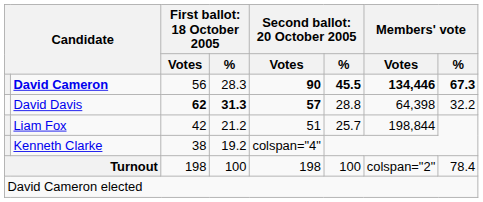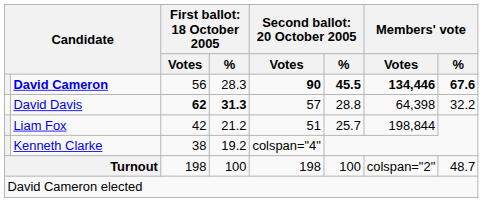 <table class="wikitable" style="font-size:95%; text-align:right"            |>
 <tr>
 <th colspan="2" rowspan=2>Candidate</th>
 <th colspan="2">First ballot:<br>18 October 2005</th>
 <th colspan="2">Second ballot:<br>20 October 2005</th>
 <th colspan="2">Members' vote</th>
 </tr>
 <tr>
 <th style="width: 50px">Votes</th>
 <th style="width: 40px">%</th>
 <th style="width: 50px">Votes</th>
 <th style="width: 40px">%</th>
 <th style="width: 50px">Votes</th>
 <th style="width: 40px">%</th>
 </tr>
 <tr>
 <th style="background-color: "></th>
 <td style="width: 170px; text-align:left"><strong><a href='#'>David Cameron</a></strong></td>
 <td>56</td>
 <td>28.3</td>
 <td><strong>90</strong></td>
 <td><strong>45.5</strong></td>
 <td><strong>134,446</strong></td>
-<td><strong>67.3</strong></td>
+<td><strong>67.6</strong></td>
 </tr>
 <tr>
 <td style="background-color: "></td>
 <td style="width: 170px; text-align:left"><a href='#'>David Davis</a></td>
 <td><strong>62</strong></td>
 <td><strong>31.3</strong></td>
-<td><strong>57</strong></td>
+<td>57</td>
 <td>28.8</td>
 <td>64,398</td>
 <td>32.2</td>
 </tr>
 <tr>
 <th style="background-color: "></th>
 <td style="width: 170px; text-align:left"><a href='#'>Liam Fox</a></td>
 <td>42</td>
 <td>21.2</td>
 <td>51</td>
 <td>25.7</td>
 <td>198,844</td>
 </tr>
 <tr>
 <th style="background-color: "></th>
 <td style="width: 170px; text-align:left"><a href='#'>Kenneth Clarke</a></td>
 <td>38</td>
 <td>19.2</td>
 <td>colspan="4" </td>
 </tr>
 <tr>
 <th colspan="2" style="text-align:right;">Turnout</th>
 <td>198</td>
 <td>100</td>
 <td>198</td>
 <td>100</td>
 <td>colspan="2" </td>
-<td>78.4</td>
+<td>48.7</td>
 </tr>
 <tr>
 <td colspan="8" style="text-align:left;">David Cameron elected</td>
 </tr>
 </table>
